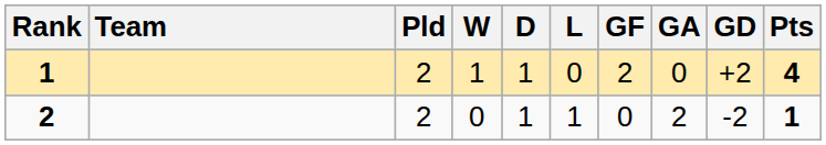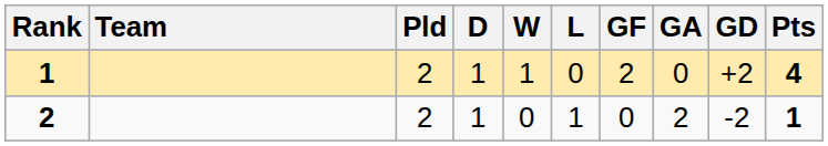 <table class="wikitable" style="text-align: center;">
 <tr>
 <th width=30>Rank</th>
 <th width=165 style="text-align:left;">Team</th>
 <th width=20>Pld</th>
+<th width=20>D</th>
 <th width=20>W</th>
-<th width=20>D</th>
 <th width=20>L</th>
 <th width=20>GF</th>
 <th width=20>GA</th>
 <th width=20>GD</th>
 <th width=20>Pts</th>
 </tr>
 <tr style="background:#ffebad;">
 <td><strong>1</strong></td>
 <td style="text-align:left;"></td>
 <td>2</td>
 <td>1</td>
 <td>1</td>
 <td>0</td>
 <td>2</td>
 <td>0</td>
 <td>+2</td>
 <td><strong>4</strong></td>
 </tr>
 <tr>
 <td><strong>2</strong></td>
 <td style="text-align:left;"></td>
 <td>2</td>
+<td>1</td>
 <td>0</td>
-<td>1</td>
 <td>1</td>
 <td>0</td>
 <td>2</td>
 <td>-2</td>
 <td><strong>1</strong></td>
 </tr>
 </table>
